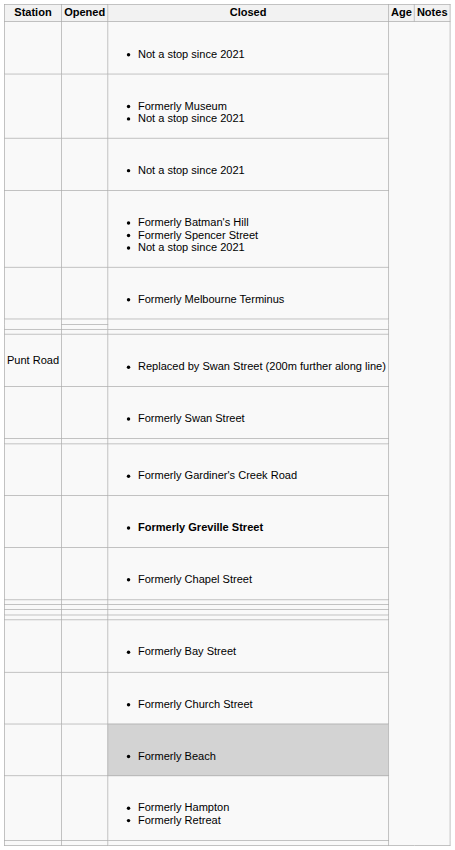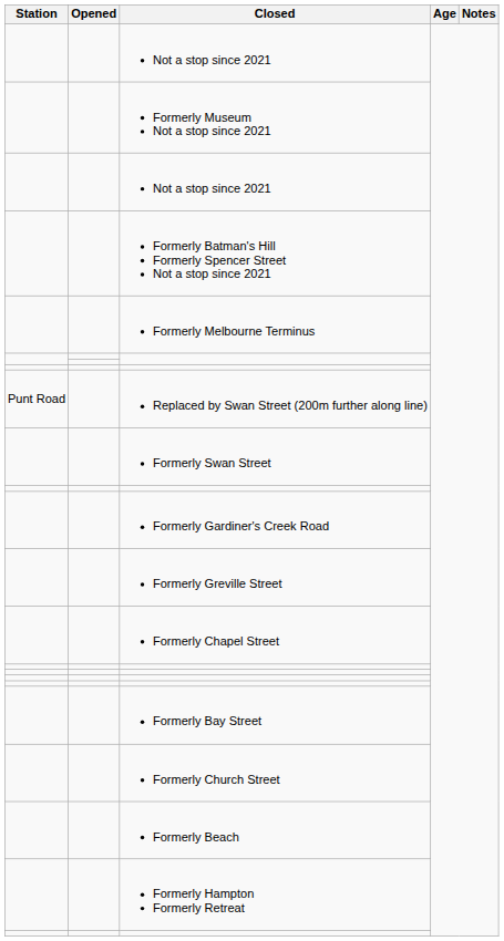 <table class="wikitable sortable mw-collapsible mw-collapsed">
 <tr>
 <th>Station</th>
 <th>Opened</th>
 <th>Closed</th>
 <th>Age</th>
 <th scope=col class=unsortable>Notes</th>
 </tr>
 <tr>
 <td></td>
 <td></td>
 <td><br><ul><li>Not a stop since 2021</li></ul></td>
 </tr>
 <tr>
 <td></td>
 <td></td>
 <td><br><ul><li>Formerly Museum</li><li>Not a stop since 2021</li></ul></td>
 </tr>
 <tr>
 <td></td>
 <td></td>
 <td><br><ul><li>Not a stop since 2021</li></ul></td>
 </tr>
 <tr>
 <td></td>
 <td></td>
 <td><br><ul><li>Formerly Batman's Hill</li><li>Formerly Spencer Street</li><li>Not a stop since 2021</li></ul></td>
 </tr>
 <tr>
 <td></td>
 <td></td>
 <td><br><ul><li>Formerly Melbourne Terminus</li></ul></td>
 </tr>
 <tr>
 <td rowspan="2"></td>
 <td></td>
 <td rowspan="2"></td>
 </tr>
 <tr>
 <td></td>
 </tr>
 <tr>
 <td></td>
 <td></td>
 <td></td>
 </tr>
 <tr>
 <td>Punt Road</td>
 <td></td>
 <td><br><ul><li>Replaced by Swan Street (200m further along line)</li></ul></td>
 </tr>
 <tr>
 <td></td>
 <td></td>
 <td><br><ul><li>Formerly Swan Street</li></ul></td>
 </tr>
 <tr>
 <td></td>
 <td></td>
 <td></td>
 </tr>
 <tr>
 <td></td>
 <td></td>
 <td><br><ul><li>Formerly Gardiner's Creek Road</li></ul></td>
 </tr>
 <tr>
 <td></td>
 <td></td>
-<td><strong><br><ul><li>Formerly Greville Street</li></ul></strong></td>
+<td><br><ul><li>Formerly Greville Street</li></ul></td>
 </tr>
 <tr>
 <td></td>
 <td></td>
 <td><br><ul><li>Formerly Chapel Street</li></ul></td>
 </tr>
 <tr>
 <td></td>
 <td></td>
 <td></td>
 </tr>
 <tr>
 <td></td>
 <td></td>
 <td></td>
 </tr>
 <tr>
 <td></td>
 <td></td>
 <td></td>
 </tr>
 <tr>
 <td></td>
 <td></td>
 <td></td>
 </tr>
 <tr>
 <td></td>
 <td></td>
 <td><br><ul><li>Formerly Bay Street</li></ul></td>
 </tr>
 <tr>
 <td></td>
 <td></td>
 <td><br><ul><li>Formerly Church Street</li></ul></td>
 </tr>
 <tr>
 <td></td>
 <td></td>
-<td style="background: lightgrey;"><br><ul><li>Formerly Beach</li></ul></td>
+<td><br><ul><li>Formerly Beach</li></ul></td>
 </tr>
 <tr>
 <td></td>
 <td></td>
 <td><br><ul><li>Formerly Hampton</li><li>Formerly Retreat</li></ul></td>
 </tr>
 <tr>
 <td></td>
 <td></td>
 <td></td>
 </tr>
 </table>
